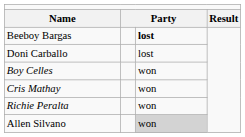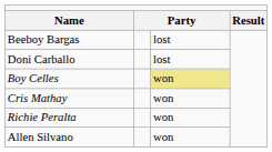 <table class=wikitable style="font-size:90%">
 <tr>
 <td colspan=4 bgcolor=></td>
 </tr>
 <tr>
 <th width=150px>Name</th>
 <th colspan=2 width=110px>Party</th>
 <th>Result</th>
 </tr>
 <tr>
 <td>Beeboy Bargas</td>
 <td></td>
-<td><strong>lost</strong></td>
+<td>lost</td>
 </tr>
 <tr>
 <td>Doni Carballo</td>
 <td></td>
 <td>lost</td>
 </tr>
 <tr>
 <td><em>Boy Celles</em></td>
 <td></td>
-<td>won</td>
+<td style="background: khaki;">won</td>
 </tr>
 <tr>
 <td><em>Cris Mathay</em></td>
 <td></td>
 <td>won</td>
 </tr>
 <tr>
 <td><em>Richie Peralta</em></td>
 <td></td>
 <td>won</td>
 </tr>
 <tr>
 <td>Allen Silvano</td>
 <td></td>
-<td style="background: lightgrey;">won</td>
+<td>won</td>
 </tr>
 </table>
